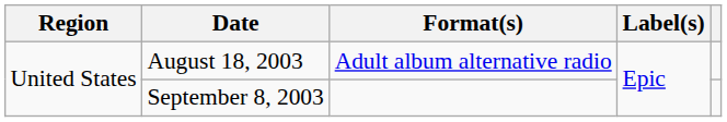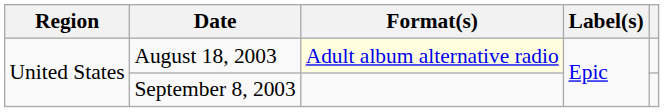 <table class="wikitable">
 <tr>
 <th>Region</th>
 <th>Date</th>
 <th>Format(s)</th>
 <th>Label(s)</th>
 <th></th>
 </tr>
 <tr>
 <td rowspan="2">United States</td>
 <td>August 18, 2003</td>
-<td><a href='#'>Adult album alternative radio</a></td>
+<td style="background: lightyellow;"><a href='#'>Adult album alternative radio</a></td>
 <td rowspan="2"><a href='#'>Epic</a></td>
 <td></td>
 </tr>
 <tr>
 <td>September 8, 2003</td>
 <td></td>
 <td></td>
 </tr>
 </table>
